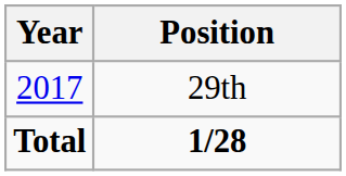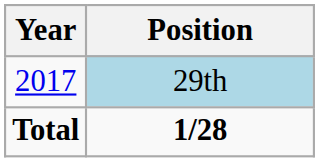 <table class="wikitable"  style="text-align: center;font-size:90%;">
 <tr>
 <th>Year</th>
 <th width="100">Position</th>
 </tr>
 <tr>
 <td> <a href='#'>2017</a></td>
-<td>29th</td>
+<td style="background: lightblue;">29th</td>
 </tr>
 <tr>
 <td><strong>Total</strong></td>
 <td><strong>1/28</strong></td>
 </tr>
 </table>
